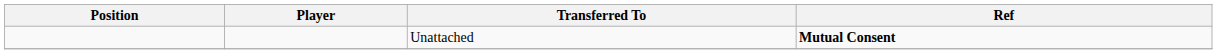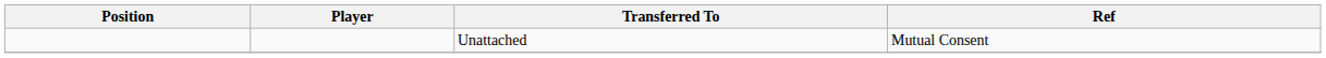 <table class="wikitable sortable" style="width:70%; text-align:center; font-size:100%; text-align:left;">
 <tr>
 <th>Position</th>
 <th>Player</th>
 <th>Transferred To</th>
 <th>Ref</th>
 </tr>
 <tr>
 <td></td>
 <td></td>
 <td>Unattached</td>
-<td><strong>Mutual Consent</strong></td>
+<td>Mutual Consent</td>
 </tr>
 <tr>
 </tr>
 </table>
